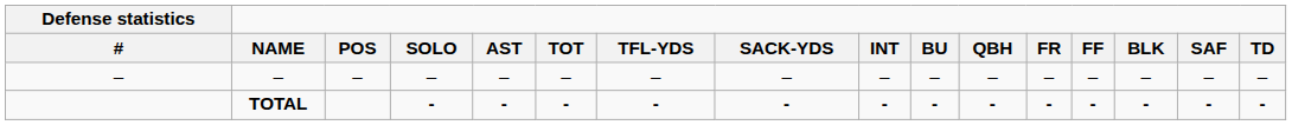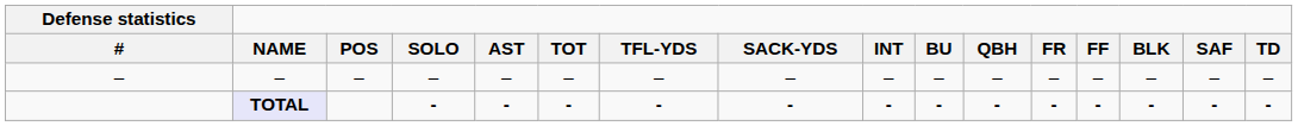 <table style="width:90%; text-align:center;" class="wikitable collapsible collapsed">
 <tr>
 <th style="text-align:center; ">Defense statistics</th>
 </tr>
 <tr>
 <th>#</th>
 <th>NAME</th>
 <th>POS</th>
 <th>SOLO</th>
 <th>AST</th>
 <th>TOT</th>
 <th>TFL-YDS</th>
 <th>SACK-YDS</th>
 <th>INT</th>
 <th>BU</th>
 <th>QBH</th>
 <th>FR</th>
 <th>FF</th>
 <th>BLK</th>
 <th>SAF</th>
 <th>TD</th>
 </tr>
 <tr>
 <td>–</td>
 <td>–</td>
 <td>–</td>
 <td>–</td>
 <td>–</td>
 <td>–</td>
 <td>–</td>
 <td>–</td>
 <td>–</td>
 <td>–</td>
 <td>–</td>
 <td>–</td>
 <td>–</td>
 <td>–</td>
 <td>–</td>
 <td>–</td>
 </tr>
 <tr>
 <td></td>
-<td><strong>TOTAL</strong></td>
+<td style="background: lavender;"><strong>TOTAL</strong></td>
 <td></td>
 <td><strong>-</strong></td>
 <td><strong>-</strong></td>
 <td><strong>-</strong></td>
 <td><strong>-</strong></td>
 <td><strong>-</strong></td>
 <td><strong>-</strong></td>
 <td><strong>-</strong></td>
 <td><strong>-</strong></td>
 <td><strong>-</strong></td>
 <td><strong>-</strong></td>
 <td><strong>-</strong></td>
 <td><strong>-</strong></td>
 <td><strong>-</strong></td>
 </tr>
 </table>
